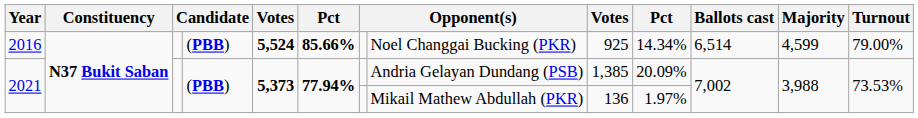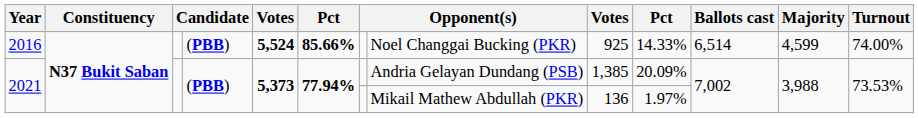 <table class="wikitable" style="margin:0.5em ; font-size:95%">
 <tr>
 <th>Year</th>
 <th>Constituency</th>
 <th colspan=2>Candidate</th>
 <th>Votes</th>
 <th>Pct</th>
 <th colspan=2>Opponent(s)</th>
 <th>Votes</th>
 <th>Pct</th>
 <th>Ballots cast</th>
 <th>Majority</th>
 <th>Turnout</th>
 </tr>
 <tr>
 <td><a href='#'>2016</a></td>
 <td rowspan=3><strong>N37 <a href='#'>Bukit Saban</a></strong></td>
 <td></td>
 <td> (<a href='#'><strong>PBB</strong></a>)</td>
 <td align="right"><strong>5,524</strong></td>
 <td><strong>85.66%</strong></td>
 <td></td>
 <td>Noel Changgai Bucking (<a href='#'>PKR</a>)</td>
 <td align="right">925</td>
-<td>14.34%</td>
+<td>14.33%</td>
 <td>6,514</td>
 <td>4,599</td>
-<td>79.00%</td>
+<td>74.00%</td>
 </tr>
 <tr>
 <td rowspan=2><a href='#'>2021</a></td>
 <td rowspan=2 ></td>
 <td rowspan=2> (<a href='#'><strong>PBB</strong></a>)</td>
 <td rowspan=2 align="right"><strong>5,373</strong></td>
 <td rowspan=2><strong>77.94%</strong></td>
 <td></td>
 <td>Andria Gelayan Dundang (<a href='#'>PSB</a>)</td>
 <td align="right">1,385</td>
 <td>20.09%</td>
 <td rowspan=2>7,002</td>
 <td rowspan=2>3,988</td>
 <td rowspan=2>73.53%</td>
 </tr>
 <tr>
 <td></td>
 <td>Mikail Mathew Abdullah (<a href='#'>PKR</a>)</td>
 <td align="right">136</td>
 <td align=right>1.97%</td>
 </tr>
 </table>
